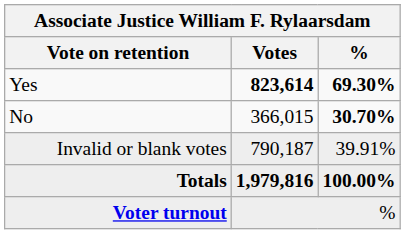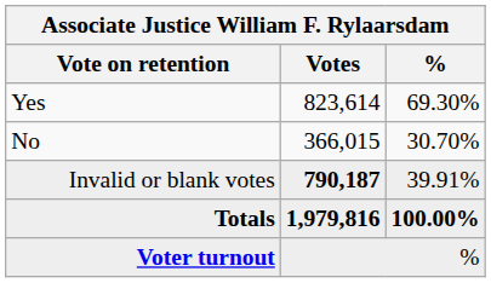 <table class="wikitable" style="font-size: 95%;">
 <tr style="background-color:#E9E9E9">
 <th colspan=7>Associate Justice William F. Rylaarsdam</th>
 </tr>
 <tr style="background-color:#E9E9E9">
 <th style="width: 170px">Vote on retention</th>
 <th style="width: 50px">Votes</th>
 <th style="width: 40px">%</th>
 </tr>
 <tr>
 <td>Yes</td>
-<td align="right"><strong>823,614</strong></td>
-<td align="right"><strong>69.30%</strong></td>
+<td align="right">823,614</td>
+<td align="right">69.30%</td>
 </tr>
 <tr>
 <td>No</td>
 <td align="right">366,015</td>
-<td align="right"><strong>30.70%</strong></td>
+<td align="right">30.70%</td>
 </tr>
 <tr bgcolor="#EEEEEE">
 <td align="right">Invalid or blank votes</td>
-<td align="right">790,187</td>
+<td align="right"><strong>790,187</strong></td>
 <td align="right">39.91%</td>
 </tr>
 <tr bgcolor="#EEEEEE">
 <td align="right"><strong>Totals</strong></td>
 <td align="right"><strong>1,979,816</strong></td>
 <td align="right"><strong>100.00%</strong></td>
 </tr>
 <tr bgcolor="#EEEEEE">
 <td align="right"><strong><a href='#'>Voter turnout</a></strong></td>
 <td colspan="2" align="right">%</td>
 </tr>
 </table>
